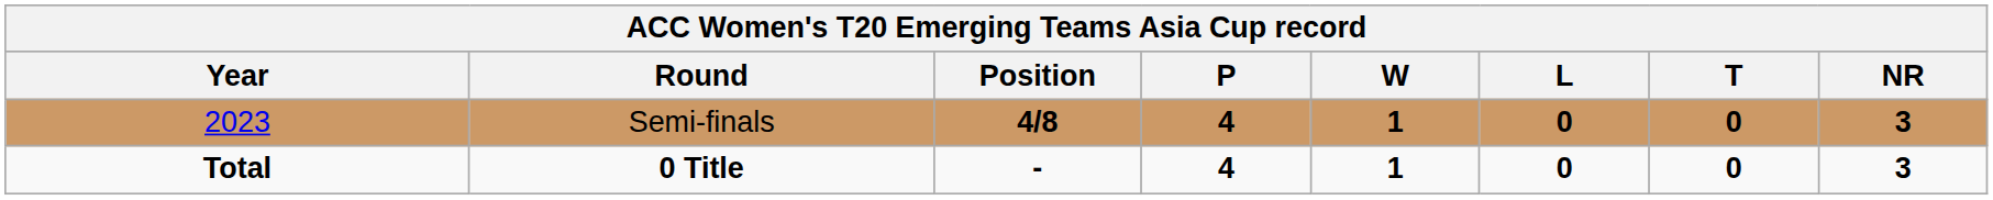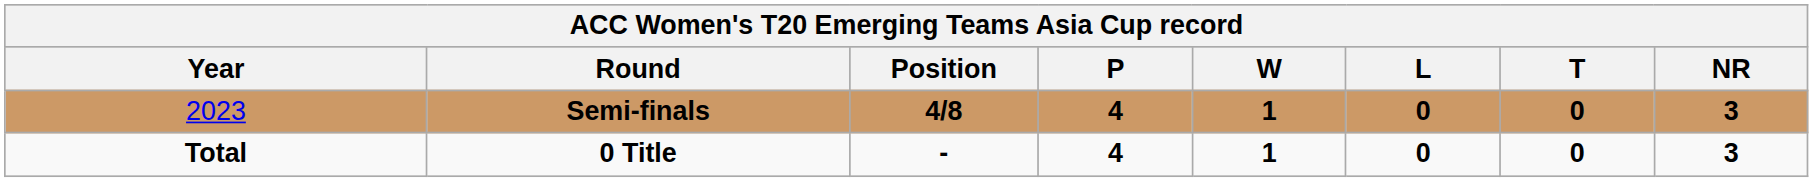 <table class="wikitable" style="text-align: center; width:85%">
 <tr>
 <th colspan=10>ACC Women's T20 Emerging Teams Asia Cup record</th>
 </tr>
 <tr>
 <th width=150>Year</th>
 <th width=150>Round</th>
 <th width=50>Position</th>
 <th width=50>P</th>
 <th width=50>W</th>
 <th width=50>L</th>
 <th width=50>T</th>
 <th width=50>NR</th>
 </tr>
 <tr bgcolor="#cc9966">
 <td> <a href='#'>2023</a></td>
-<td>Semi-finals</td>
+<td><strong>Semi-finals</strong></td>
 <td><strong>4/8</strong></td>
 <td><strong>4</strong></td>
 <td><strong>1</strong></td>
 <td><strong>0</strong></td>
 <td><strong>0</strong></td>
 <td><strong>3</strong></td>
 </tr>
 <tr>
 <td><strong>Total</strong></td>
 <td><strong>0 Title</strong></td>
 <td><strong>-</strong></td>
 <td><strong>4</strong></td>
 <td><strong>1</strong></td>
 <td><strong>0</strong></td>
 <td><strong>0</strong></td>
 <td><strong>3</strong></td>
 </tr>
 </table>
